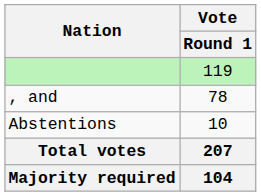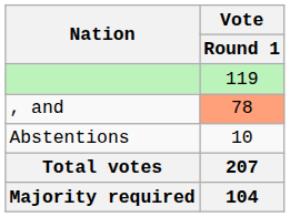 <table class="wikitable" style="margin: 0 auto;text-align: left">
 <tr>
 <th rowspan="2">Nation</th>
 <th colspan="2">Vote</th>
 </tr>
 <tr>
 <th>Round 1</th>
 </tr>
 <tr style="background:#BBF3BB">
 <td align=left></td>
 <td align=center>119</td>
 </tr>
 <tr>
 <td align=left>,  and </td>
-<td align=center>78</td>
+<td align=center style="background: lightsalmon;">78</td>
 </tr>
 <tr>
 <td align=left>Abstentions</td>
 <td align=center>10</td>
 </tr>
 <tr>
 <th align=left>Total votes</th>
 <th>207</th>
 </tr>
 <tr>
 <th align=left>Majority required</th>
 <th>104</th>
 </tr>
 </table>
